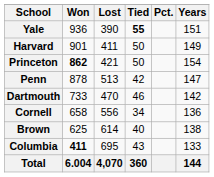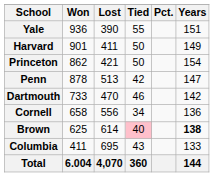 <table class="wikitable sortable plainrowheaders" style="text-align: center;">
 <tr>
 </tr>
 <tr>
 <th scope="col">School</th>
 <th scope="col">Won</th>
 <th scope="col">Lost</th>
 <th scope="col">Tied</th>
 <th scope="col">Pct.</th>
 <th scope="col">Years</th>
 </tr>
 <tr>
 <th scope="row">Yale</th>
 <td>936</td>
 <td>390</td>
-<td><strong>55</strong></td>
+<td>55</td>
 <td></td>
 <td>151</td>
 </tr>
 <tr>
 <th scope="row">Harvard</th>
 <td>901</td>
 <td>411</td>
 <td>50</td>
 <td></td>
 <td>149</td>
 </tr>
 <tr>
 <th scope="row">Princeton</th>
-<td><strong>862</strong></td>
+<td>862</td>
 <td>421</td>
 <td>50</td>
 <td></td>
 <td>154</td>
 </tr>
 <tr>
 <th scope="row">Penn</th>
 <td>878</td>
 <td>513</td>
 <td>42</td>
 <td></td>
 <td>147</td>
 </tr>
 <tr>
 <th scope="row">Dartmouth</th>
 <td>733</td>
 <td>470</td>
 <td>46</td>
 <td></td>
 <td>142</td>
 </tr>
 <tr>
 <th scope="row">Cornell</th>
 <td>658</td>
 <td>556</td>
 <td>34</td>
 <td></td>
 <td>136</td>
 </tr>
 <tr>
 <th scope="row">Brown</th>
 <td>625</td>
 <td>614</td>
-<td>40</td>
+<td style="background: pink;">40</td>
 <td></td>
-<td>138</td>
+<td><strong>138</strong></td>
 </tr>
 <tr>
 <th scope="row">Columbia</th>
-<td><strong>411</strong></td>
+<td>411</td>
 <td>695</td>
 <td>43</td>
 <td></td>
 <td>133</td>
 </tr>
 <tr>
 <th scope="row" style="font-weight: bold;">Total</th>
 <th scope="col">6.004</th>
 <th scope="col">4,070</th>
 <th scope="col">360</th>
 <th scope="col"></th>
 <th scope="col">144</th>
 </tr>
 </table>
